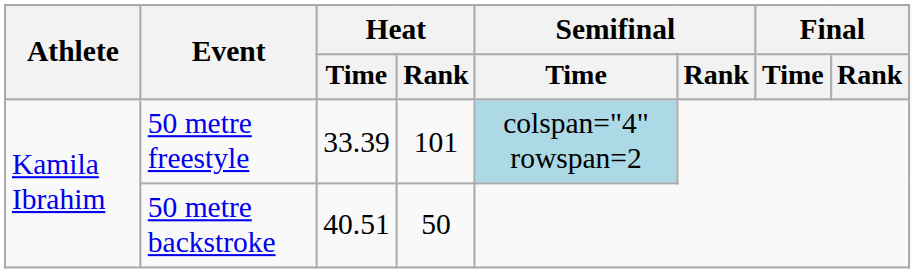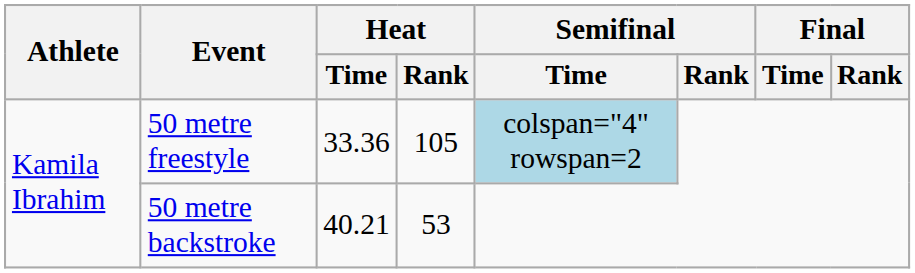 <table class="wikitable" style="text-align:center; font-size:90%; width:50%;">
 <tr>
 <th rowspan="2">Athlete</th>
 <th rowspan="2">Event</th>
 <th colspan="2">Heat</th>
 <th colspan="2">Semifinal</th>
 <th colspan="2">Final</th>
 </tr>
 <tr style="font-size:95%">
 <th>Time</th>
 <th>Rank</th>
 <th>Time</th>
 <th>Rank</th>
 <th>Time</th>
 <th>Rank</th>
 </tr>
 <tr>
 <td align=left rowspan=2><a href='#'>Kamila Ibrahim</a></td>
 <td align=left><a href='#'>50 metre freestyle</a></td>
-<td>33.39</td>
-<td>101</td>
+<td>33.36</td>
+<td>105</td>
 <td style="background: lightblue;">colspan="4" rowspan=2</td>
 </tr>
 <tr>
 <td align=left><a href='#'>50 metre backstroke</a></td>
-<td>40.51</td>
-<td>50</td>
+<td>40.21</td>
+<td>53</td>
 </tr>
 </table>
